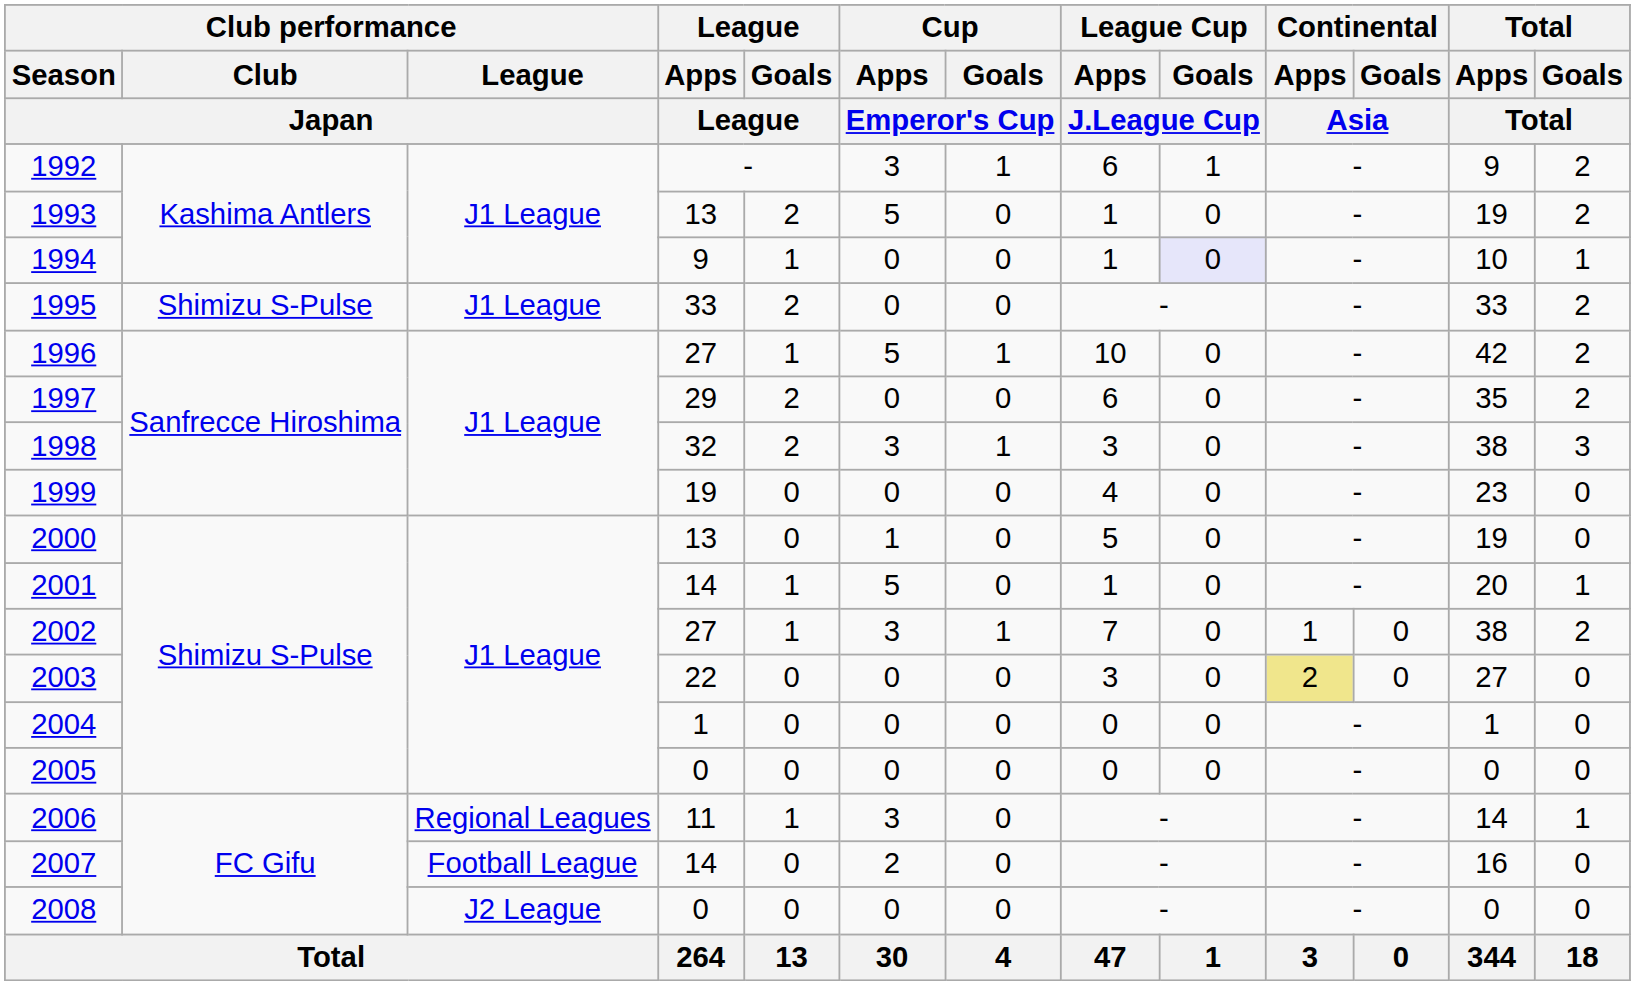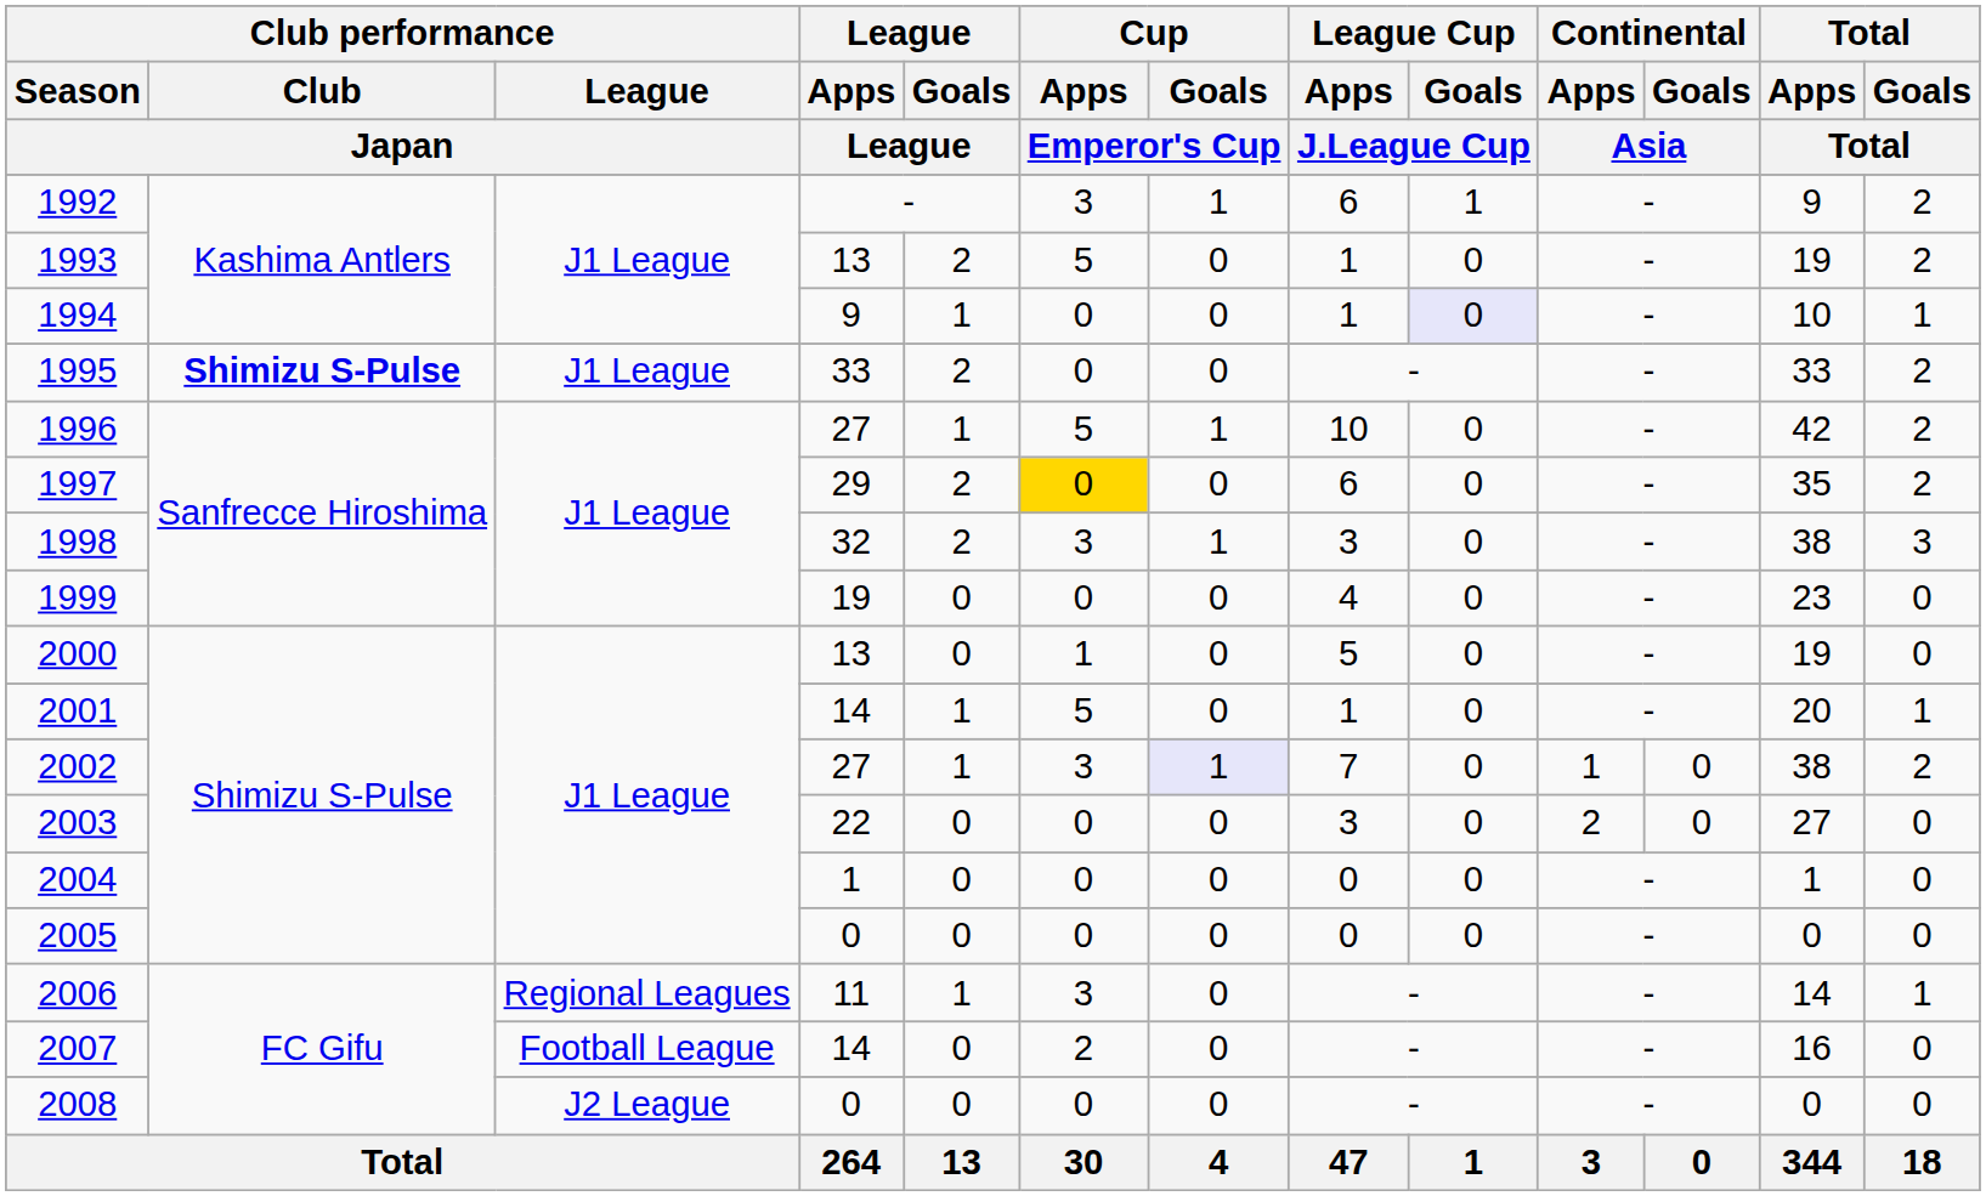 <table class="wikitable" style="text-align:center;">
 <tr>
 <th colspan=3>Club performance</th>
 <th colspan=2>League</th>
 <th colspan=2>Cup</th>
 <th colspan=2>League Cup</th>
 <th colspan=2>Continental</th>
 <th colspan=2>Total</th>
 </tr>
 <tr>
 <th>Season</th>
 <th>Club</th>
 <th>League</th>
 <th>Apps</th>
 <th>Goals</th>
 <th>Apps</th>
 <th>Goals</th>
 <th>Apps</th>
 <th>Goals</th>
 <th>Apps</th>
 <th>Goals</th>
 <th>Apps</th>
 <th>Goals</th>
 </tr>
 <tr>
 <th colspan=3>Japan</th>
 <th colspan=2>League</th>
 <th colspan=2><a href='#'>Emperor's Cup</a></th>
 <th colspan=2><a href='#'>J.League Cup</a></th>
 <th colspan=2><a href='#'>Asia</a></th>
 <th colspan=2>Total</th>
 </tr>
 <tr>
 <td><a href='#'>1992</a></td>
 <td rowspan="3"><a href='#'>Kashima Antlers</a></td>
 <td rowspan="3"><a href='#'>J1 League</a></td>
 <td colspan="2">-</td>
 <td>3</td>
 <td>1</td>
 <td>6</td>
 <td>1</td>
 <td colspan="2">-</td>
 <td>9</td>
 <td>2</td>
 </tr>
 <tr>
 <td><a href='#'>1993</a></td>
 <td>13</td>
 <td>2</td>
 <td>5</td>
 <td>0</td>
 <td>1</td>
 <td>0</td>
 <td colspan="2">-</td>
 <td>19</td>
 <td>2</td>
 </tr>
 <tr>
 <td><a href='#'>1994</a></td>
 <td>9</td>
 <td>1</td>
 <td>0</td>
 <td>0</td>
 <td>1</td>
 <td style="background: lavender;">0</td>
 <td colspan="2">-</td>
 <td>10</td>
 <td>1</td>
 </tr>
 <tr>
 <td><a href='#'>1995</a></td>
-<td><a href='#'>Shimizu S-Pulse</a></td>
+<td><strong><a href='#'>Shimizu S-Pulse</a></strong></td>
 <td><a href='#'>J1 League</a></td>
 <td>33</td>
 <td>2</td>
 <td>0</td>
 <td>0</td>
 <td colspan="2">-</td>
 <td colspan="2">-</td>
 <td>33</td>
 <td>2</td>
 </tr>
 <tr>
 <td><a href='#'>1996</a></td>
 <td rowspan="4"><a href='#'>Sanfrecce Hiroshima</a></td>
 <td rowspan="4"><a href='#'>J1 League</a></td>
 <td>27</td>
 <td>1</td>
 <td>5</td>
 <td>1</td>
 <td>10</td>
 <td>0</td>
 <td colspan="2">-</td>
 <td>42</td>
 <td>2</td>
 </tr>
 <tr>
 <td><a href='#'>1997</a></td>
 <td>29</td>
 <td>2</td>
-<td>0</td>
+<td style="background: gold;">0</td>
 <td>0</td>
 <td>6</td>
 <td>0</td>
 <td colspan="2">-</td>
 <td>35</td>
 <td>2</td>
 </tr>
 <tr>
 <td><a href='#'>1998</a></td>
 <td>32</td>
 <td>2</td>
 <td>3</td>
 <td>1</td>
 <td>3</td>
 <td>0</td>
 <td colspan="2">-</td>
 <td>38</td>
 <td>3</td>
 </tr>
 <tr>
 <td><a href='#'>1999</a></td>
 <td>19</td>
 <td>0</td>
 <td>0</td>
 <td>0</td>
 <td>4</td>
 <td>0</td>
 <td colspan="2">-</td>
 <td>23</td>
 <td>0</td>
 </tr>
 <tr>
 <td><a href='#'>2000</a></td>
 <td rowspan="6"><a href='#'>Shimizu S-Pulse</a></td>
 <td rowspan="6"><a href='#'>J1 League</a></td>
 <td>13</td>
 <td>0</td>
 <td>1</td>
 <td>0</td>
 <td>5</td>
 <td>0</td>
 <td colspan="2">-</td>
 <td>19</td>
 <td>0</td>
 </tr>
 <tr>
 <td><a href='#'>2001</a></td>
 <td>14</td>
 <td>1</td>
 <td>5</td>
 <td>0</td>
 <td>1</td>
 <td>0</td>
 <td colspan="2">-</td>
 <td>20</td>
 <td>1</td>
 </tr>
 <tr>
 <td><a href='#'>2002</a></td>
 <td>27</td>
 <td>1</td>
 <td>3</td>
-<td>1</td>
+<td style="background: lavender;">1</td>
 <td>7</td>
 <td>0</td>
 <td>1</td>
 <td>0</td>
 <td>38</td>
 <td>2</td>
 </tr>
 <tr>
 <td><a href='#'>2003</a></td>
 <td>22</td>
 <td>0</td>
 <td>0</td>
 <td>0</td>
 <td>3</td>
 <td>0</td>
-<td style="background: khaki;">2</td>
+<td>2</td>
 <td>0</td>
 <td>27</td>
 <td>0</td>
 </tr>
 <tr>
 <td><a href='#'>2004</a></td>
 <td>1</td>
 <td>0</td>
 <td>0</td>
 <td>0</td>
 <td>0</td>
 <td>0</td>
 <td colspan="2">-</td>
 <td>1</td>
 <td>0</td>
 </tr>
 <tr>
 <td><a href='#'>2005</a></td>
 <td>0</td>
 <td>0</td>
 <td>0</td>
 <td>0</td>
 <td>0</td>
 <td>0</td>
 <td colspan="2">-</td>
 <td>0</td>
 <td>0</td>
 </tr>
 <tr>
 <td><a href='#'>2006</a></td>
 <td rowspan="3"><a href='#'>FC Gifu</a></td>
 <td><a href='#'>Regional Leagues</a></td>
 <td>11</td>
 <td>1</td>
 <td>3</td>
 <td>0</td>
 <td colspan="2">-</td>
 <td colspan="2">-</td>
 <td>14</td>
 <td>1</td>
 </tr>
 <tr>
 <td><a href='#'>2007</a></td>
 <td><a href='#'>Football League</a></td>
 <td>14</td>
 <td>0</td>
 <td>2</td>
 <td>0</td>
 <td colspan="2">-</td>
 <td colspan="2">-</td>
 <td>16</td>
 <td>0</td>
 </tr>
 <tr>
 <td><a href='#'>2008</a></td>
 <td><a href='#'>J2 League</a></td>
 <td>0</td>
 <td>0</td>
 <td>0</td>
 <td>0</td>
 <td colspan="2">-</td>
 <td colspan="2">-</td>
 <td>0</td>
 <td>0</td>
 </tr>
 <tr>
 <th colspan=3>Total</th>
 <th>264</th>
 <th>13</th>
 <th>30</th>
 <th>4</th>
 <th>47</th>
 <th>1</th>
 <th>3</th>
 <th>0</th>
 <th>344</th>
 <th>18</th>
 </tr>
 </table>
